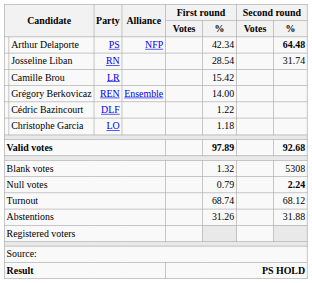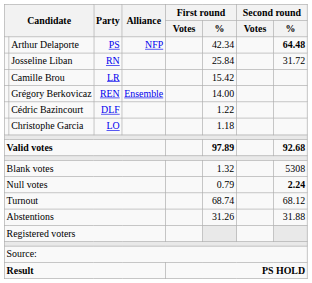 <table class="wikitable" style="text-align:right;font-size:95%;">
 <tr>
 <th colspan="2" rowspan="2">Candidate</th>
 <th colspan="1" rowspan="2">Party</th>
 <th colspan="1" rowspan="2">Alliance</th>
 <th colspan="2">First round</th>
 <th colspan="2">Second round</th>
 </tr>
 <tr>
 <th style="width:50px;">Votes</th>
 <th style="width:45px;">%</th>
 <th style="width:50px;">Votes</th>
 <th style="width:45px;">%</th>
 </tr>
 <tr>
 <td style="color:inherit;background:"></td>
 <td style="text-align:left;">Arthur Delaporte</td>
 <td><a href='#'>PS</a></td>
 <td><a href='#'>NFP</a></td>
 <td></td>
 <td>42.34</td>
 <td><strong></strong></td>
 <td><strong>64.48</strong></td>
 </tr>
 <tr>
 <td style="color:inherit;background:"></td>
 <td style="text-align:left;">Josseline Liban</td>
 <td><a href='#'>RN</a></td>
 <td></td>
 <td></td>
-<td>28.54</td>
+<td>25.84</td>
 <td></td>
-<td>31.74</td>
+<td>31.72</td>
 </tr>
 <tr>
 <td style="color:inherit;background:"></td>
 <td style="text-align:left;">Camille Brou</td>
 <td><a href='#'>LR</a></td>
 <td></td>
 <td></td>
 <td>15.42</td>
 <td></td>
 <td></td>
 </tr>
 <tr>
 <td style="color:inherit;background:"></td>
 <td style="text-align:left;">Grégory Berkovicaz</td>
 <td><a href='#'>REN</a></td>
 <td><a href='#'>Ensemble</a></td>
 <td></td>
 <td>14.00</td>
 <td></td>
 <td></td>
 </tr>
 <tr>
 <td style="color:inherit;background:"></td>
 <td style="text-align:left;">Cédric Bazincourt</td>
 <td><a href='#'>DLF</a></td>
 <td></td>
 <td></td>
 <td>1.22</td>
 <td></td>
 <td></td>
 </tr>
 <tr>
 <td style="color:inherit;background:"></td>
 <td style="text-align:left;">Christophe Garcia</td>
 <td><a href='#'>LO</a></td>
 <td></td>
 <td></td>
 <td>1.18</td>
 <td></td>
 <td></td>
 </tr>
 <tr>
 <td colspan="8" style="background:#E9E9E9;"></td>
 </tr>
 <tr style="font-weight:bold;">
 <td colspan="4" style="text-align:left;">Valid votes</td>
 <td></td>
 <td>97.89</td>
 <td></td>
 <td>92.68</td>
 </tr>
 <tr>
 <td colspan="8" style="background:#E9E9E9;"></td>
 </tr>
 <tr>
 <td colspan="4" style="text-align:left;">Blank votes</td>
 <td></td>
 <td>1.32</td>
 <td></td>
 <td>5308</td>
 </tr>
 <tr>
 <td colspan="4" style="text-align:left;">Null votes</td>
 <td></td>
 <td>0.79</td>
 <td></td>
 <td><strong>2.24</strong></td>
 </tr>
 <tr>
 <td colspan="4" style="text-align:left;">Turnout</td>
 <td></td>
 <td>68.74</td>
 <td></td>
 <td>68.12</td>
 </tr>
 <tr>
 <td colspan="4" style="text-align:left;">Abstentions</td>
 <td></td>
 <td>31.26</td>
 <td></td>
 <td>31.88</td>
 </tr>
 <tr>
 <td colspan="4" style="text-align:left;">Registered voters</td>
 <td></td>
 <td style="color:inherit;background:#E9E9E9;"></td>
 <td></td>
 <td style="color:inherit;background:#E9E9E9;"></td>
 </tr>
 <tr>
 <td colspan="8" style="background:#E9E9E9;"></td>
 </tr>
 <tr>
 <td colspan="8" style="text-align:left;">Source: </td>
 </tr>
 <tr style="font-weight:bold">
 <td colspan="4" style="text-align:left;">Result</td>
 <td colspan="4" style="background-color:">PS HOLD</td>
 </tr>
 </table>
